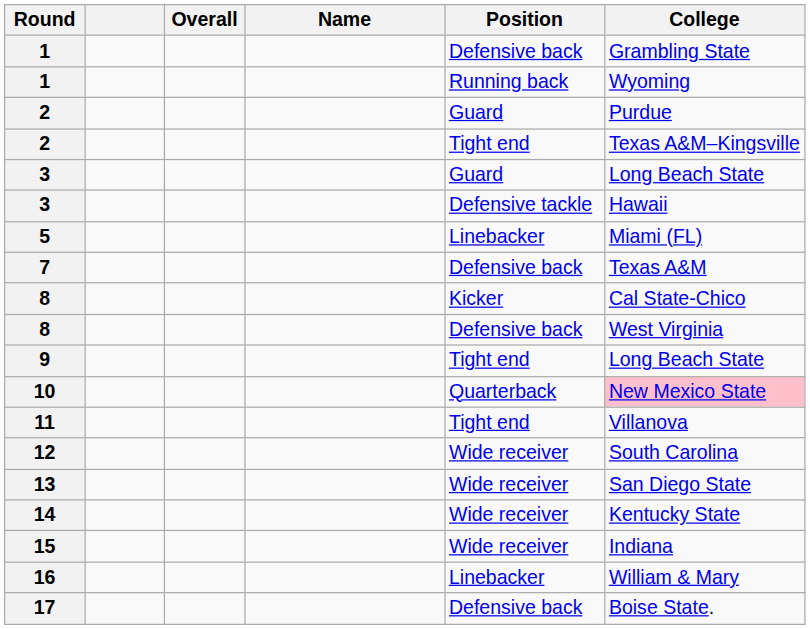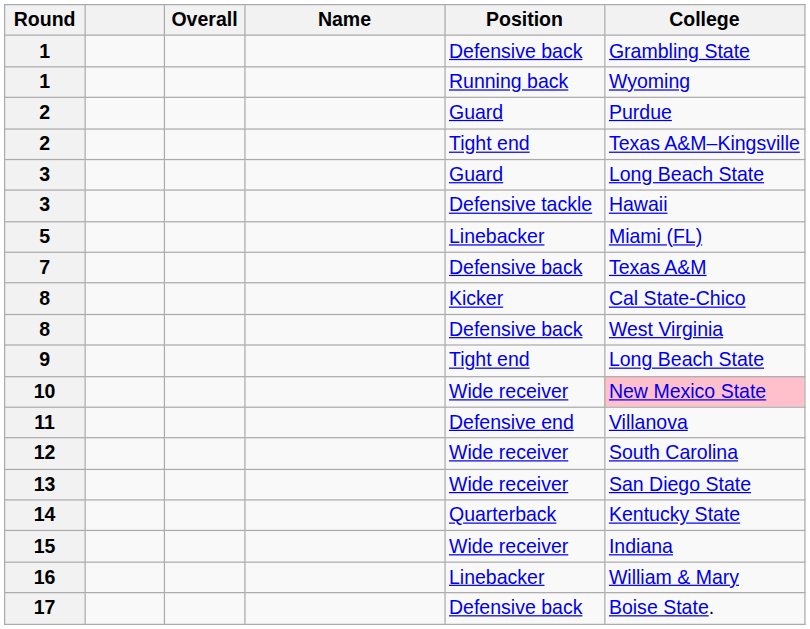 <table class="wikitable sortable">
 <tr>
 <th scope="col" style="width: 10%;">Round</th>
 <th scope="col" style="width: 10%;"></th>
 <th scope="col" style="width: 10%;">Overall</th>
 <th scope="col" style="width: 25%;">Name</th>
 <th scope="col" style="width: 20%;">Position</th>
 <th scope="col" style="width: 25%;">College</th>
 </tr>
 <tr>
 <th scope="row">1</th>
 <td></td>
 <td></td>
 <td></td>
 <td><a href='#'>Defensive back</a></td>
 <td><a href='#'>Grambling State</a></td>
 </tr>
 <tr>
 <th scope="row">1</th>
 <td></td>
 <td></td>
 <td></td>
 <td><a href='#'>Running back</a></td>
 <td><a href='#'>Wyoming</a></td>
 </tr>
 <tr>
 <th scope="row">2</th>
 <td></td>
 <td></td>
 <td></td>
 <td><a href='#'>Guard</a></td>
 <td><a href='#'>Purdue</a></td>
 </tr>
 <tr>
 <th scope="row">2</th>
 <td></td>
 <td></td>
 <td></td>
 <td><a href='#'>Tight end</a></td>
 <td><a href='#'>Texas A&M–Kingsville</a></td>
 </tr>
 <tr>
 <th scope="row">3</th>
 <td></td>
 <td></td>
 <td></td>
 <td><a href='#'>Guard</a></td>
 <td><a href='#'>Long Beach State</a></td>
 </tr>
 <tr>
 <th scope="row">3</th>
 <td></td>
 <td></td>
 <td></td>
 <td><a href='#'>Defensive tackle</a></td>
 <td><a href='#'>Hawaii</a></td>
 </tr>
 <tr>
 <th scope="row">5</th>
 <td></td>
 <td></td>
 <td></td>
 <td><a href='#'>Linebacker</a></td>
 <td><a href='#'>Miami (FL)</a></td>
 </tr>
 <tr>
 <th scope="row">7</th>
 <td></td>
 <td></td>
 <td></td>
 <td><a href='#'>Defensive back</a></td>
 <td><a href='#'>Texas A&M</a></td>
 </tr>
 <tr>
 <th scope="row">8</th>
 <td></td>
 <td></td>
 <td></td>
 <td><a href='#'>Kicker</a></td>
 <td><a href='#'>Cal State-Chico</a></td>
 </tr>
 <tr>
 <th scope="row">8</th>
 <td></td>
 <td></td>
 <td></td>
 <td><a href='#'>Defensive back</a></td>
 <td><a href='#'>West Virginia</a></td>
 </tr>
 <tr>
 <th scope="row">9</th>
 <td></td>
 <td></td>
 <td></td>
 <td><a href='#'>Tight end</a></td>
 <td><a href='#'>Long Beach State</a></td>
 </tr>
 <tr>
 <th scope="row">10</th>
 <td></td>
 <td></td>
 <td></td>
-<td><a href='#'>Quarterback</a></td>
+<td><a href='#'>Wide receiver</a></td>
 <td style="background: pink;"><a href='#'>New Mexico State</a></td>
 </tr>
 <tr>
 <th scope="row">11</th>
 <td></td>
 <td></td>
 <td></td>
-<td><a href='#'>Tight end</a></td>
+<td><a href='#'>Defensive end</a></td>
 <td><a href='#'>Villanova</a></td>
 </tr>
 <tr>
 <th scope="row">12</th>
 <td></td>
 <td></td>
 <td></td>
 <td><a href='#'>Wide receiver</a></td>
 <td><a href='#'>South Carolina</a></td>
 </tr>
 <tr>
 <th scope="row">13</th>
 <td></td>
 <td></td>
 <td></td>
 <td><a href='#'>Wide receiver</a></td>
 <td><a href='#'>San Diego State</a></td>
 </tr>
 <tr>
 <th scope="row">14</th>
 <td></td>
 <td></td>
 <td></td>
-<td><a href='#'>Wide receiver</a></td>
+<td><a href='#'>Quarterback</a></td>
 <td><a href='#'>Kentucky State</a></td>
 </tr>
 <tr>
 <th scope="row">15</th>
 <td></td>
 <td></td>
 <td></td>
 <td><a href='#'>Wide receiver</a></td>
 <td><a href='#'>Indiana</a></td>
 </tr>
 <tr>
 <th scope="row">16</th>
 <td></td>
 <td></td>
 <td></td>
 <td><a href='#'>Linebacker</a></td>
 <td><a href='#'>William & Mary</a></td>
 </tr>
 <tr>
 <th scope="row">17</th>
 <td></td>
 <td></td>
 <td></td>
 <td><a href='#'>Defensive back</a></td>
 <td><a href='#'>Boise State</a>.</td>
 </tr>
 </table>
